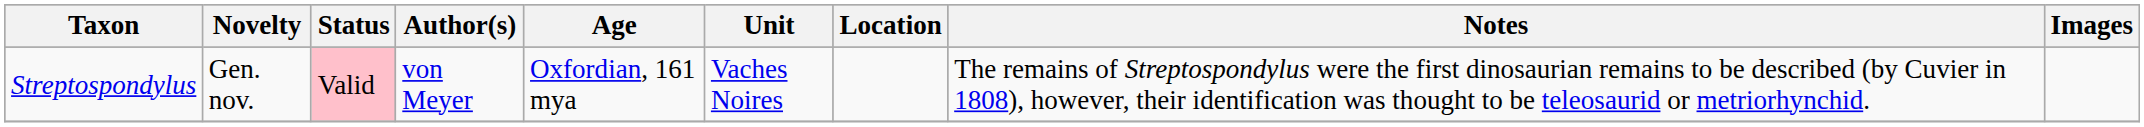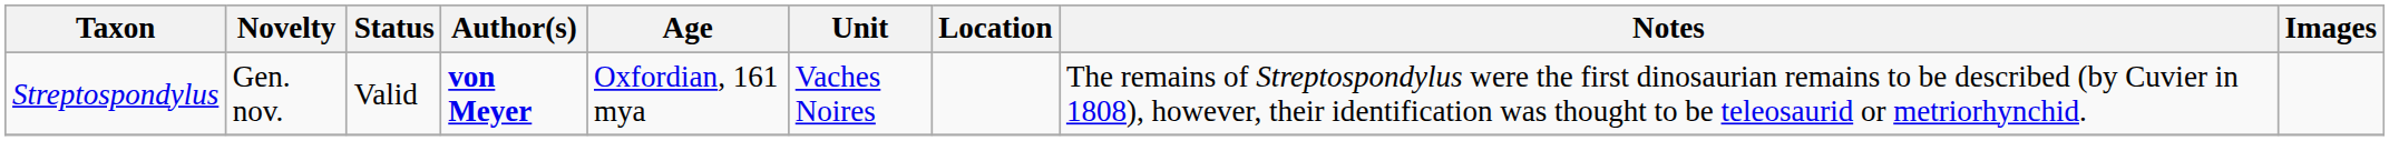 <table class="wikitable sortable" align="center" width="100%">
 <tr>
 <th>Taxon</th>
 <th>Novelty</th>
 <th>Status</th>
 <th>Author(s)</th>
 <th>Age</th>
 <th>Unit</th>
 <th>Location</th>
 <th>Notes</th>
 <th>Images</th>
 </tr>
 <tr>
 <td><em><a href='#'>Streptospondylus</a></em></td>
 <td>Gen. nov.</td>
-<td style="background: pink;">Valid</td>
-<td><a href='#'>von Meyer</a></td>
+<td>Valid</td>
+<td><strong><a href='#'>von Meyer</a></strong></td>
 <td><a href='#'>Oxfordian</a>, 161 mya</td>
 <td><a href='#'>Vaches Noires</a></td>
 <td></td>
 <td>The remains of <em>Streptospondylus</em> were the first dinosaurian remains to be described (by Cuvier in <a href='#'>1808</a>), however, their identification was thought to be <a href='#'>teleosaurid</a> or <a href='#'>metriorhynchid</a>.</td>
 <td></td>
 </tr>
 <tr>
 </tr>
 </table>
